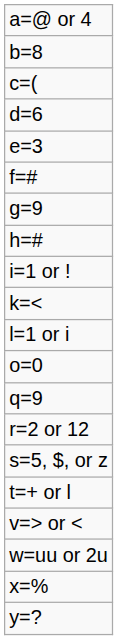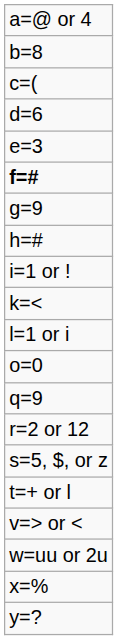 <table class="wikitable">
 <tr>
 <td>a=@ or 4</td>
 </tr>
 <tr>
 <td>b=8</td>
 </tr>
 <tr>
 <td>c=(</td>
 </tr>
 <tr>
 <td>d=6</td>
 </tr>
 <tr>
 <td>e=3</td>
 </tr>
 <tr>
-<td>f=#</td>
+<td><strong>f=#</strong></td>
 </tr>
 <tr>
 <td>g=9</td>
 </tr>
 <tr>
 <td>h=#</td>
 </tr>
 <tr>
 <td>i=1 or !</td>
 </tr>
 <tr>
 <td>k=<</td>
 </tr>
 <tr>
 <td>l=1 or i</td>
 </tr>
 <tr>
 <td>o=0</td>
 </tr>
 <tr>
 <td>q=9</td>
 </tr>
 <tr>
 <td>r=2 or 12</td>
 </tr>
 <tr>
 <td>s=5, $, or z</td>
 </tr>
 <tr>
 <td>t=+ or l</td>
 </tr>
 <tr>
 <td>v=> or <</td>
 </tr>
 <tr>
 <td>w=uu or 2u</td>
 </tr>
 <tr>
 <td>x=%</td>
 </tr>
 <tr>
 <td>y=?</td>
 </tr>
 </table>
